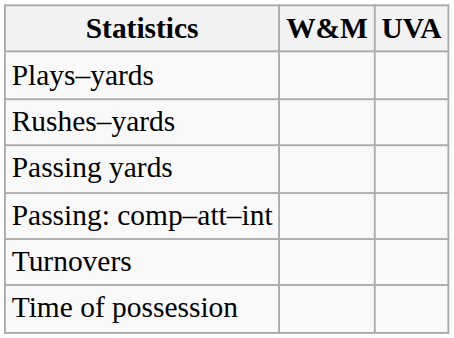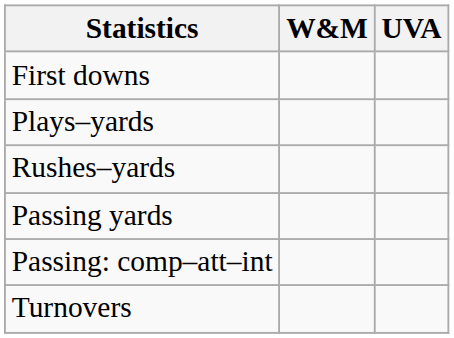 <table class="wikitable" style="float:left">
 <tr>
 <th>Statistics</th>
 <th>W&M</th>
 <th>UVA</th>
+</tr>
+<tr>
+<td>First downs</td>
+<td></td>
+<td></td>
 </tr>
 <tr>
 <td>Plays–yards</td>
 <td></td>
 <td></td>
 </tr>
 <tr>
 <td>Rushes–yards</td>
 <td></td>
 <td></td>
 </tr>
 <tr>
 <td>Passing yards</td>
 <td></td>
 <td></td>
 </tr>
 <tr>
 <td>Passing: comp–att–int</td>
 <td></td>
 <td></td>
 </tr>
 <tr>
 <td>Turnovers</td>
 <td></td>
 <td></td>
 </tr>
-<tr>
-<td>Time of possession</td>
-<td></td>
-<td></td>
-</tr>
 </table>
